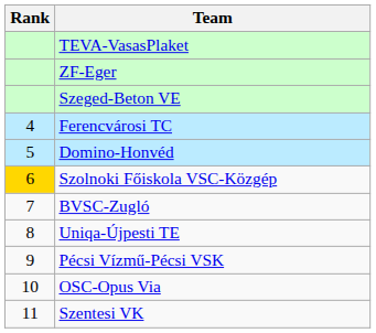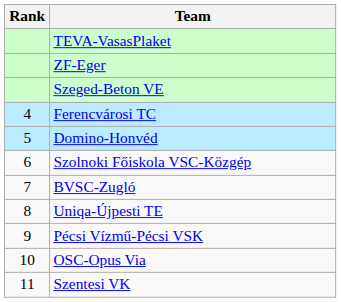 <table class="wikitable">
 <tr>
 <th width=40>Rank</th>
 <th width=290>Team</th>
 </tr>
 <tr bgcolor=#ccffcc>
 <td align="center"></td>
 <td align="left"> <a href='#'>TEVA-VasasPlaket</a></td>
 </tr>
 <tr bgcolor=#ccffcc>
 <td align="center"></td>
 <td align="left"> <a href='#'>ZF-Eger</a></td>
 </tr>
 <tr bgcolor=#ccffcc>
 <td align="center"></td>
 <td align="left"> <a href='#'>Szeged-Beton VE</a></td>
 </tr>
 <tr bgcolor=#bbebff>
 <td align="center">4</td>
 <td align="left"> <a href='#'>Ferencvárosi TC</a></td>
 </tr>
 <tr bgcolor=#bbebff>
 <td align="center">5</td>
 <td align="left"> <a href='#'>Domino-Honvéd</a></td>
 </tr>
 <tr>
-<td align="center" style="background: gold;">6</td>
+<td align="center">6</td>
 <td align="left"> <a href='#'>Szolnoki Főiskola VSC-Közgép</a></td>
 </tr>
 <tr>
 <td align="center">7</td>
 <td align="left"> <a href='#'>BVSC-Zugló</a></td>
 </tr>
 <tr>
 <td align="center">8</td>
 <td align="left"> <a href='#'>Uniqa-Újpesti TE</a></td>
 </tr>
 <tr>
 <td align="center">9</td>
 <td align="left"> <a href='#'>Pécsi Vízmű-Pécsi VSK</a></td>
 </tr>
 <tr>
 <td align="center">10</td>
 <td align="left"> <a href='#'>OSC-Opus Via</a></td>
 </tr>
 <tr>
 <td align="center">11</td>
 <td align="left"> <a href='#'>Szentesi VK</a></td>
 </tr>
 </table>
